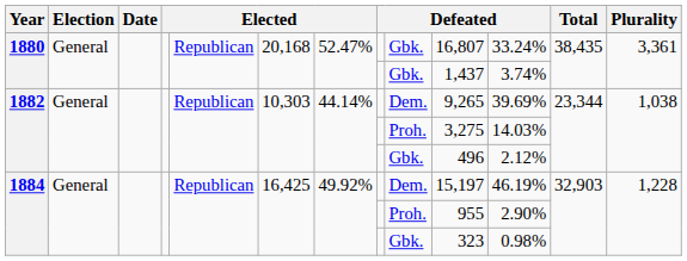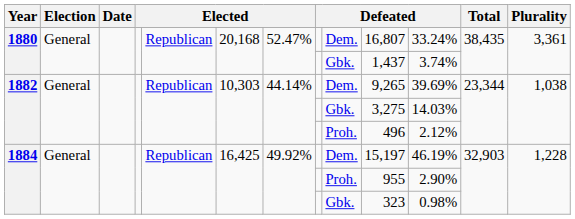 <table class=wikitable>
 <tr>
 <th>Year</th>
 <th>Election</th>
 <th>Date</th>
 <th ! colspan="4">Elected</th>
 <th ! colspan="4">Defeated</th>
 <th>Total</th>
 <th>Plurality</th>
 </tr>
 <tr>
 <th rowspan="2" valign="top"><a href='#'>1880</a></th>
 <td rowspan="2" valign="top">General</td>
 <td rowspan="2" valign="top"></td>
 <td rowspan="2" valign="top"></td>
 <td rowspan="2" valign="top" ><a href='#'>Republican</a></td>
 <td rowspan="2" valign="top" align="right">20,168</td>
 <td rowspan="2" valign="top" align="right">52.47%</td>
 <td valign="top"></td>
-<td valign="top" ><a href='#'>Gbk.</a></td>
+<td valign="top" ><a href='#'>Dem.</a></td>
 <td valign="top" align="right">16,807</td>
 <td valign="top" align="right">33.24%</td>
 <td rowspan="2" valign="top" align="right">38,435</td>
 <td rowspan="2" valign="top" align="right">3,361</td>
 </tr>
 <tr>
 <td valign="top"></td>
 <td valign="top" ><a href='#'>Gbk.</a></td>
 <td valign="top" align="right">1,437</td>
 <td valign="top" align="right">3.74%</td>
 </tr>
 <tr>
 <th rowspan="3" valign="top"><a href='#'>1882</a></th>
 <td rowspan="3" valign="top">General</td>
 <td rowspan="3" valign="top"></td>
 <td rowspan="3" valign="top"></td>
 <td rowspan="3" valign="top" ><a href='#'>Republican</a></td>
 <td rowspan="3" valign="top" align="right">10,303</td>
 <td rowspan="3" valign="top" align="right">44.14%</td>
 <td valign="top"></td>
 <td valign="top" ><a href='#'>Dem.</a></td>
 <td valign="top" align="right">9,265</td>
 <td valign="top" align="right">39.69%</td>
 <td rowspan="3" valign="top" align="right">23,344</td>
 <td rowspan="3" valign="top" align="right">1,038</td>
 </tr>
 <tr>
 <td valign="top"></td>
-<td valign="top" ><a href='#'>Proh.</a></td>
+<td valign="top" ><a href='#'>Gbk.</a></td>
 <td valign="top" align="right">3,275</td>
 <td valign="top" align="right">14.03%</td>
 </tr>
 <tr>
 <td valign="top"></td>
-<td valign="top" ><a href='#'>Gbk.</a></td>
+<td valign="top" ><a href='#'>Proh.</a></td>
 <td valign="top" align="right">496</td>
 <td valign="top" align="right">2.12%</td>
 </tr>
 <tr>
 <th rowspan="3" valign="top"><a href='#'>1884</a></th>
 <td rowspan="3" valign="top">General</td>
 <td rowspan="3" valign="top"></td>
 <td rowspan="3" valign="top"></td>
 <td rowspan="3" valign="top" ><a href='#'>Republican</a></td>
 <td rowspan="3" valign="top" align="right">16,425</td>
 <td rowspan="3" valign="top" align="right">49.92%</td>
 <td valign="top"></td>
 <td valign="top" ><a href='#'>Dem.</a></td>
 <td valign="top" align="right">15,197</td>
 <td valign="top" align="right">46.19%</td>
 <td rowspan="3" valign="top" align="right">32,903</td>
 <td rowspan="3" valign="top" align="right">1,228</td>
 </tr>
 <tr>
 <td valign="top"></td>
 <td valign="top" ><a href='#'>Proh.</a></td>
 <td valign="top" align="right">955</td>
 <td valign="top" align="right">2.90%</td>
 </tr>
 <tr>
 <td valign="top"></td>
 <td valign="top" ><a href='#'>Gbk.</a></td>
 <td valign="top" align="right">323</td>
 <td valign="top" align="right">0.98%</td>
 </tr>
 </table>
